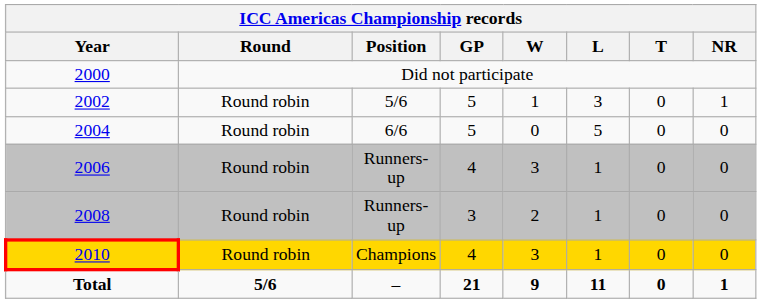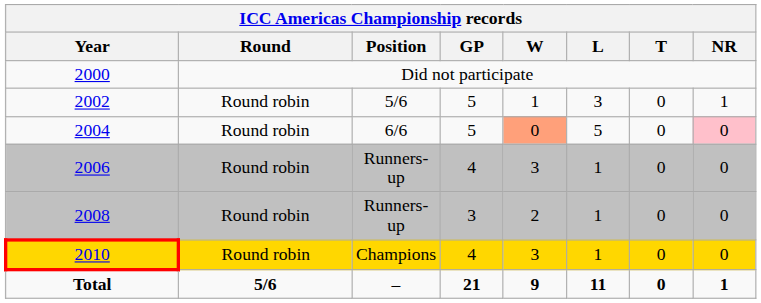 <table class="wikitable" style="text-align: center; width=900px;">
 <tr>
 <th colspan=9><a href='#'>ICC Americas Championship</a> records</th>
 </tr>
 <tr>
 <th width=150>Year</th>
 <th width=150>Round</th>
 <th width=50>Position</th>
 <th width=50>GP</th>
 <th width=50>W</th>
 <th width=50>L</th>
 <th width=50>T</th>
 <th width=50>NR</th>
 </tr>
 <tr>
 <td> <a href='#'>2000</a></td>
 <td colspan= 8>Did not participate</td>
 </tr>
 <tr>
 <td> <a href='#'>2002</a></td>
 <td>Round robin</td>
 <td>5/6</td>
 <td>5</td>
 <td>1</td>
 <td>3</td>
 <td>0</td>
 <td>1</td>
 </tr>
 <tr>
 <td> <a href='#'>2004</a></td>
 <td>Round robin</td>
 <td>6/6</td>
 <td>5</td>
-<td>0</td>
+<td style="background: lightsalmon;">0</td>
 <td>5</td>
 <td>0</td>
-<td>0</td>
+<td style="background: pink;">0</td>
 </tr>
 <tr bgcolor=silver>
 <td> <a href='#'>2006</a></td>
 <td>Round robin</td>
 <td>Runners-up</td>
 <td>4</td>
 <td>3</td>
 <td>1</td>
 <td>0</td>
 <td>0</td>
 </tr>
 <tr bgcolor=silver>
 <td> <a href='#'>2008</a></td>
 <td>Round robin</td>
 <td>Runners-up</td>
 <td>3</td>
 <td>2</td>
 <td>1</td>
 <td>0</td>
 <td>0</td>
 </tr>
 <tr bgcolor=gold>
 <td style="border: 3px solid red"> <a href='#'>2010</a></td>
 <td>Round robin</td>
 <td>Champions</td>
 <td>4</td>
 <td>3</td>
 <td>1</td>
 <td>0</td>
 <td>0</td>
 </tr>
 <tr>
 <td><strong>Total</strong></td>
 <td><strong>5/6</strong></td>
 <td>–</td>
 <td><strong>21</strong></td>
 <td><strong>9</strong></td>
 <td><strong>11</strong></td>
 <td><strong>0</strong></td>
 <td><strong>1</strong></td>
 </tr>
 </table>
